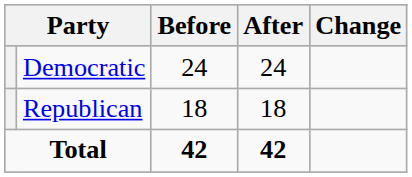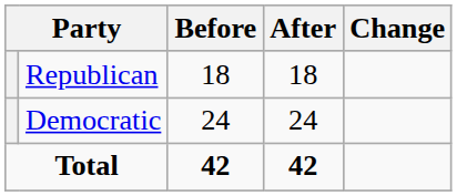 <table class="wikitable" style="text-align:center;">
 <tr>
 <th colspan="2">Party</th>
 <th>Before</th>
 <th>After</th>
 <th>Change</th>
 </tr>
 <tr>
 <th style="background-color:"></th>
-<td style="text-align:left;"><a href='#'>Democratic</a></td>
-<td>24</td>
-<td>24</td>
+<td style="text-align:left;"><a href='#'>Republican</a></td>
+<td>18</td>
+<td>18</td>
 <td></td>
 </tr>
 <tr>
 <th style="background-color:"></th>
-<td style="text-align:left;"><a href='#'>Republican</a></td>
-<td>18</td>
-<td>18</td>
+<td style="text-align:left;"><a href='#'>Democratic</a></td>
+<td>24</td>
+<td>24</td>
 <td></td>
 </tr>
 <tr>
 <td colspan="2"><strong>Total</strong></td>
 <td><strong>42</strong></td>
 <td><strong>42</strong></td>
 <td></td>
 </tr>
 </table>
